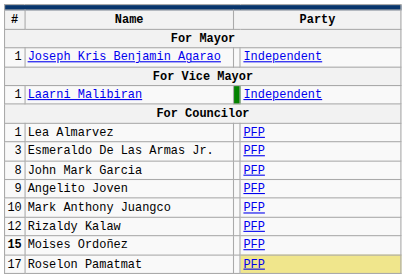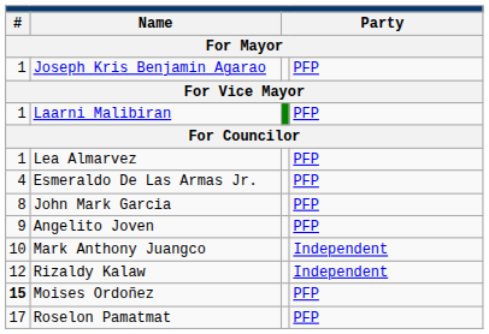 <table class="wikitable" style="font-size:85%">
 <tr>
 <td colspan="4" style="background-color:#08356C;"></td>
 </tr>
 <tr>
 <th style="width:2px;">#</th>
 <th style="width:188px;">Name</th>
 <th colspan="2" width="150px">Party</th>
 </tr>
 <tr>
 <th colspan="4">For Mayor</th>
 </tr>
 <tr>
 <td style="text-align:right;">1</td>
 <td><a href='#'>Joseph Kris Benjamin Agarao</a></td>
 <td style="background:"></td>
-<td><a href='#'>Independent</a></td>
+<td><a href='#'>PFP</a></td>
 </tr>
 <tr>
 <th colspan="4">For Vice Mayor</th>
 </tr>
 <tr>
 <td style="text-align:right;">1</td>
 <td><a href='#'>Laarni Malibiran</a></td>
 <td style="background-color:#038200; width:1px"></td>
-<td><a href='#'>Independent</a></td>
+<td><a href='#'>PFP</a></td>
 </tr>
 <tr>
 <th colspan="4">For Councilor</th>
 </tr>
 <tr>
 <td style="text-align:right;">1</td>
 <td>Lea Almarvez</td>
 <td style="background:"></td>
 <td><a href='#'>PFP</a></td>
 </tr>
 <tr>
-<td style="text-align:right;">3</td>
+<td style="text-align:right;">4</td>
 <td>Esmeraldo De Las Armas Jr.</td>
 <td style="background:"></td>
 <td><a href='#'>PFP</a></td>
 </tr>
 <tr>
 <td style="text-align:right;">8</td>
 <td>John Mark Garcia</td>
 <td style="background:"></td>
 <td><a href='#'>PFP</a></td>
 </tr>
 <tr>
 <td style="text-align:right;">9</td>
 <td>Angelito Joven</td>
 <td style="background:"></td>
 <td><a href='#'>PFP</a></td>
 </tr>
 <tr>
 <td style="text-align:right;">10</td>
 <td>Mark Anthony Juangco</td>
 <td style="background:"></td>
-<td><a href='#'>PFP</a></td>
+<td><a href='#'>Independent</a></td>
 </tr>
 <tr>
 <td style="text-align:right;">12</td>
 <td>Rizaldy Kalaw</td>
 <td style="background:"></td>
-<td><a href='#'>PFP</a></td>
+<td><a href='#'>Independent</a></td>
 </tr>
 <tr>
 <td style="text-align:right;"><strong>15</strong></td>
 <td>Moises Ordoñez</td>
 <td style="background:"></td>
 <td><a href='#'>PFP</a></td>
 </tr>
 <tr>
 <td style="text-align:right;">17</td>
 <td>Roselon Pamatmat</td>
 <td style="background:"></td>
-<td style="background: khaki;"><a href='#'>PFP</a></td>
+<td><a href='#'>PFP</a></td>
 </tr>
 </table>
